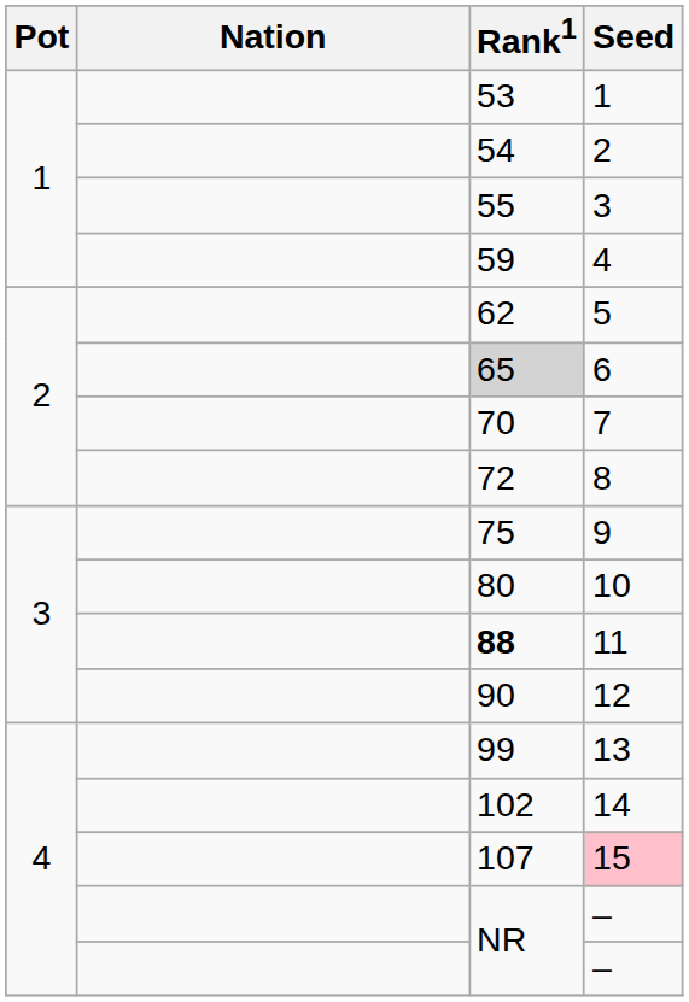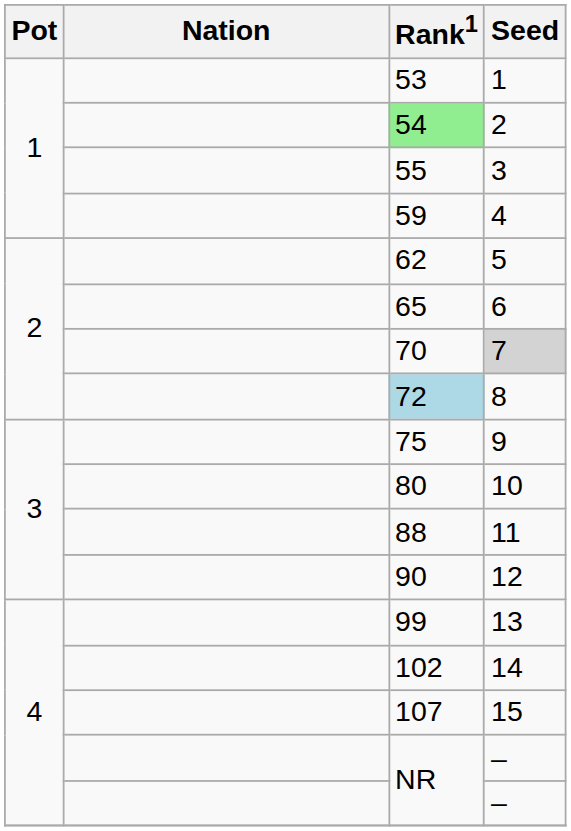 <table class="wikitable">
 <tr>
 <th>Pot</th>
 <th width="175">Nation</th>
 <th>Rank<sup>1</sup></th>
 <th>Seed</th>
 </tr>
 <tr>
 <td rowspan=4 style="text-align:center;">1</td>
 <td></td>
 <td>53</td>
 <td>1</td>
 </tr>
 <tr>
 <td></td>
-<td>54</td>
+<td style="background: lightgreen;">54</td>
 <td>2</td>
 </tr>
 <tr>
 <td></td>
 <td>55</td>
 <td>3</td>
 </tr>
 <tr>
 <td></td>
 <td>59</td>
 <td>4</td>
 </tr>
 <tr>
 <td rowspan=4 style="text-align:center;">2</td>
 <td></td>
 <td>62</td>
 <td>5</td>
 </tr>
 <tr>
 <td></td>
-<td style="background: lightgrey;">65</td>
+<td>65</td>
 <td>6</td>
 </tr>
 <tr>
 <td></td>
 <td>70</td>
-<td>7</td>
+<td style="background: lightgrey;">7</td>
 </tr>
 <tr>
 <td></td>
-<td>72</td>
+<td style="background: lightblue;">72</td>
 <td>8</td>
 </tr>
 <tr>
 <td rowspan=4 style="text-align:center;">3</td>
 <td></td>
 <td>75</td>
 <td>9</td>
 </tr>
 <tr>
 <td></td>
 <td>80</td>
 <td>10</td>
 </tr>
 <tr>
 <td></td>
-<td><strong>88</strong></td>
+<td>88</td>
 <td>11</td>
 </tr>
 <tr>
 <td></td>
 <td>90</td>
 <td>12</td>
 </tr>
 <tr>
 <td rowspan=5 style="text-align:center;">4</td>
 <td></td>
 <td>99</td>
 <td>13</td>
 </tr>
 <tr>
 <td></td>
 <td>102</td>
 <td>14</td>
 </tr>
 <tr>
 <td></td>
 <td>107</td>
-<td style="background: pink;">15</td>
+<td>15</td>
 </tr>
 <tr>
 <td></td>
 <td rowspan=2>NR</td>
 <td>–</td>
 </tr>
 <tr>
 <td></td>
 <td>–</td>
 </tr>
 <tr>
 </tr>
 </table>
